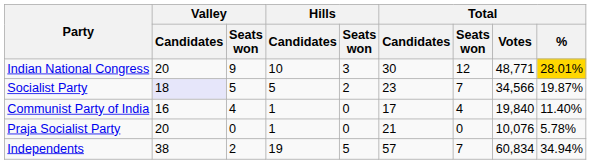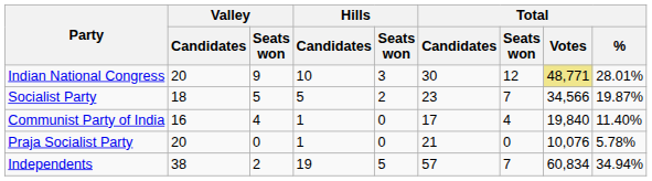 <table class="wikitable">
 <tr>
 <th rowspan=2>Party</th>
 <th colspan=2>Valley</th>
 <th colspan=2>Hills</th>
 <th colspan=4>Total</th>
 </tr>
 <tr>
 <th>Candidates</th>
 <th>Seats<br>won</th>
 <th>Candidates</th>
 <th>Seats<br>won</th>
 <th>Candidates</th>
 <th>Seats<br>won</th>
 <th>Votes</th>
 <th>%</th>
 </tr>
 <tr>
 <td><a href='#'>Indian National Congress</a></td>
 <td>20</td>
 <td>9</td>
 <td>10</td>
 <td>3</td>
 <td>30</td>
 <td>12</td>
-<td>48,771</td>
-<td style="background: gold;">28.01%</td>
+<td style="background: khaki;">48,771</td>
+<td>28.01%</td>
 </tr>
 <tr>
 <td><a href='#'>Socialist Party</a></td>
-<td style="background: lavender;">18</td>
+<td>18</td>
 <td>5</td>
 <td>5</td>
 <td>2</td>
 <td>23</td>
 <td>7</td>
 <td>34,566</td>
 <td>19.87%</td>
 </tr>
 <tr>
 <td><a href='#'>Communist Party of India</a></td>
 <td>16</td>
 <td>4</td>
 <td>1</td>
 <td>0</td>
 <td>17</td>
 <td>4</td>
 <td>19,840</td>
 <td>11.40%</td>
 </tr>
 <tr>
 <td><a href='#'>Praja Socialist Party</a></td>
 <td>20</td>
 <td>0</td>
 <td>1</td>
 <td>0</td>
 <td>21</td>
 <td>0</td>
 <td>10,076</td>
 <td>5.78%</td>
 </tr>
 <tr>
 <td><a href='#'>Independents</a></td>
 <td>38</td>
 <td>2</td>
 <td>19</td>
 <td>5</td>
 <td>57</td>
 <td>7</td>
 <td>60,834</td>
 <td>34.94%</td>
 </tr>
 </table>
